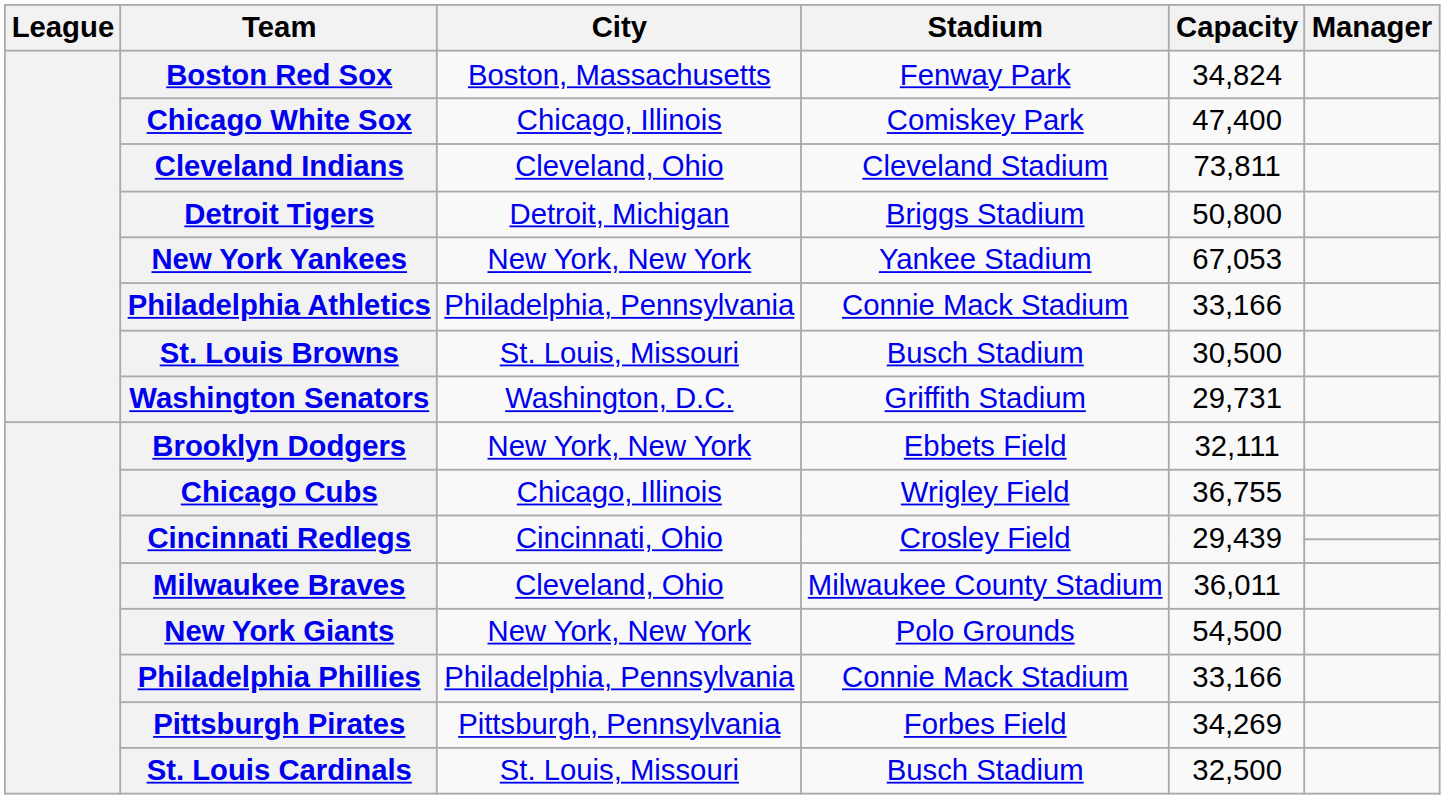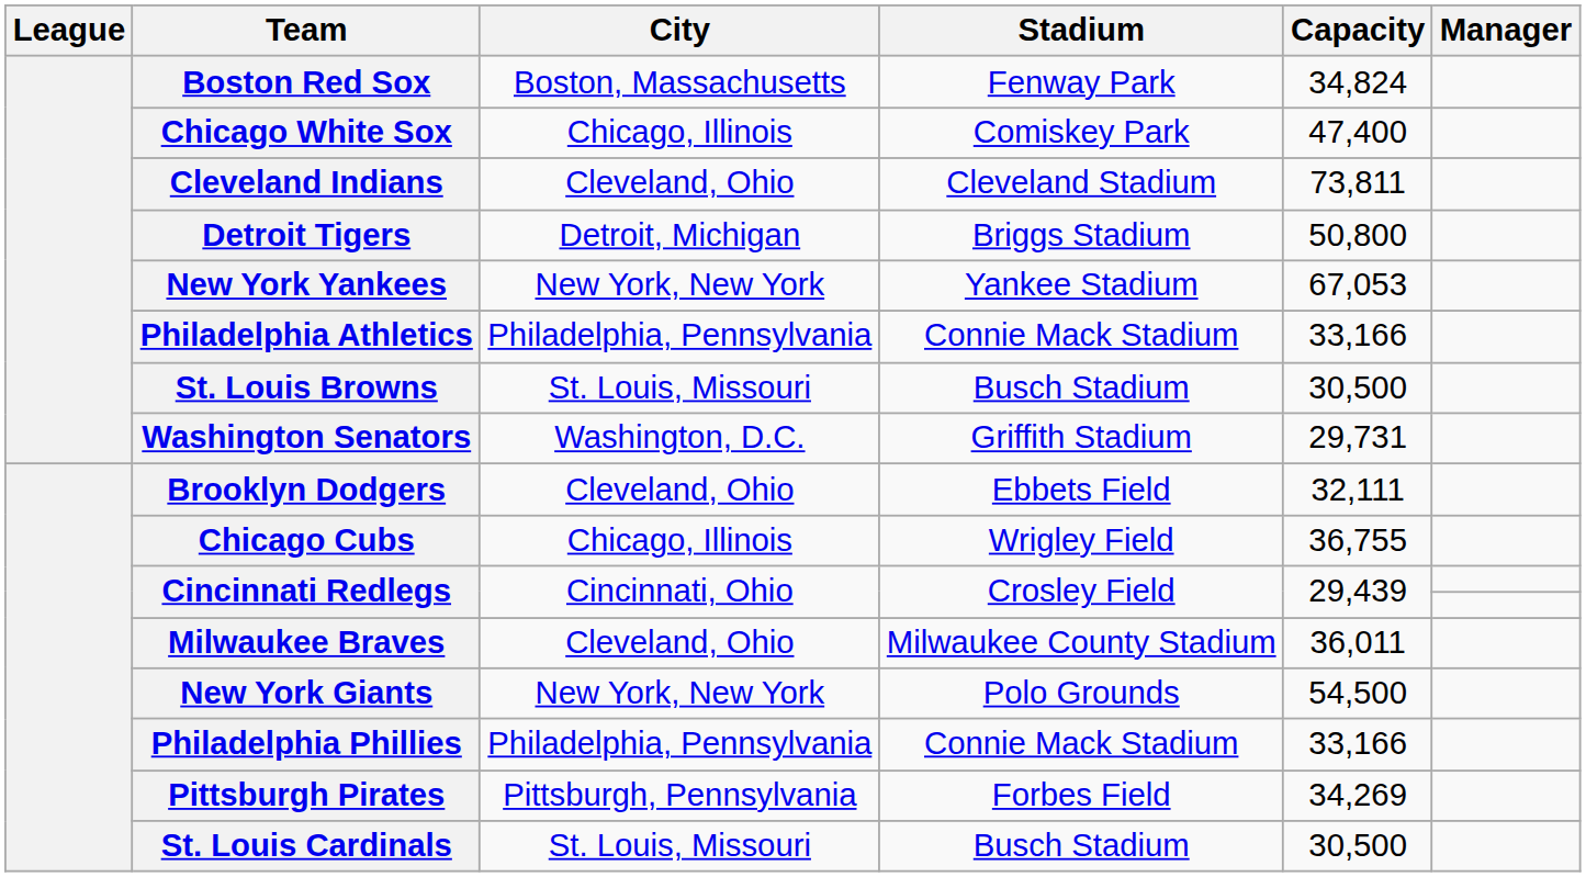 <table class="wikitable sortable plainrowheaders" style="text-align:center;">
 <tr>
 <th scope="col">League</th>
 <th scope="col">Team</th>
 <th scope="col">City</th>
 <th scope="col">Stadium</th>
 <th scope="col">Capacity</th>
 <th scope="col">Manager</th>
 </tr>
 <tr>
 <th rowspan="8"></th>
 <th scope="row"><a href='#'>Boston Red Sox</a></th>
 <td><a href='#'>Boston, Massachusetts</a></td>
 <td><a href='#'>Fenway Park</a></td>
 <td>34,824</td>
 <td></td>
 </tr>
 <tr>
 <th scope="row"><a href='#'>Chicago White Sox</a></th>
 <td><a href='#'>Chicago, Illinois</a></td>
 <td><a href='#'>Comiskey Park</a></td>
 <td>47,400</td>
 <td></td>
 </tr>
 <tr>
 <th scope="row"><a href='#'>Cleveland Indians</a></th>
 <td><a href='#'>Cleveland, Ohio</a></td>
 <td><a href='#'>Cleveland Stadium</a></td>
 <td>73,811</td>
 <td></td>
 </tr>
 <tr>
 <th scope="row"><a href='#'>Detroit Tigers</a></th>
 <td><a href='#'>Detroit, Michigan</a></td>
 <td><a href='#'>Briggs Stadium</a></td>
 <td>50,800</td>
 <td></td>
 </tr>
 <tr>
 <th scope="row"><a href='#'>New York Yankees</a></th>
 <td><a href='#'>New York, New York</a></td>
 <td><a href='#'>Yankee Stadium</a></td>
 <td>67,053</td>
 <td></td>
 </tr>
 <tr>
 <th scope="row"><a href='#'>Philadelphia Athletics</a></th>
 <td><a href='#'>Philadelphia, Pennsylvania</a></td>
 <td><a href='#'>Connie Mack Stadium</a></td>
 <td>33,166</td>
 <td></td>
 </tr>
 <tr>
 <th scope="row"><a href='#'>St. Louis Browns</a></th>
 <td><a href='#'>St. Louis, Missouri</a></td>
 <td><a href='#'>Busch Stadium</a></td>
 <td>30,500</td>
 <td></td>
 </tr>
 <tr>
 <th scope="row"><a href='#'>Washington Senators</a></th>
 <td><a href='#'>Washington, D.C.</a></td>
 <td><a href='#'>Griffith Stadium</a></td>
 <td>29,731</td>
 <td></td>
 </tr>
 <tr>
 <th rowspan="9"></th>
 <th scope="row"><a href='#'>Brooklyn Dodgers</a></th>
-<td><a href='#'>New York, New York</a></td>
+<td><a href='#'>Cleveland, Ohio</a></td>
 <td><a href='#'>Ebbets Field</a></td>
 <td>32,111</td>
 <td></td>
 </tr>
 <tr>
 <th scope="row"><a href='#'>Chicago Cubs</a></th>
 <td><a href='#'>Chicago, Illinois</a></td>
 <td><a href='#'>Wrigley Field</a></td>
 <td>36,755</td>
 <td></td>
 </tr>
 <tr>
 <th rowspan="2" scope="row"><a href='#'>Cincinnati Redlegs</a></th>
 <td rowspan="2"><a href='#'>Cincinnati, Ohio</a></td>
 <td rowspan="2"><a href='#'>Crosley Field</a></td>
 <td rowspan="2">29,439</td>
 <td></td>
 </tr>
 <tr>
 <td></td>
 </tr>
 <tr>
 <th scope="row"><a href='#'>Milwaukee Braves</a></th>
 <td><a href='#'>Cleveland, Ohio</a></td>
 <td><a href='#'>Milwaukee County Stadium</a></td>
 <td>36,011</td>
 <td></td>
 </tr>
 <tr>
 <th scope="row"><a href='#'>New York Giants</a></th>
 <td><a href='#'>New York, New York</a></td>
 <td><a href='#'>Polo Grounds</a></td>
 <td>54,500</td>
 <td></td>
 </tr>
 <tr>
 <th scope="row"><a href='#'>Philadelphia Phillies</a></th>
 <td><a href='#'>Philadelphia, Pennsylvania</a></td>
 <td><a href='#'>Connie Mack Stadium</a></td>
 <td>33,166</td>
 <td></td>
 </tr>
 <tr>
 <th scope="row"><a href='#'>Pittsburgh Pirates</a></th>
 <td><a href='#'>Pittsburgh, Pennsylvania</a></td>
 <td><a href='#'>Forbes Field</a></td>
 <td>34,269</td>
 <td></td>
 </tr>
 <tr>
 <th scope="row"><a href='#'>St. Louis Cardinals</a></th>
 <td><a href='#'>St. Louis, Missouri</a></td>
 <td><a href='#'>Busch Stadium</a></td>
-<td>32,500</td>
+<td>30,500</td>
 <td></td>
 </tr>
 </table>
